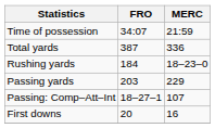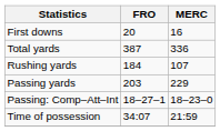 <table class="wikitable" style="float: left;">
 <tr>
 <th>Statistics</th>
 <th>FRO</th>
 <th>MERC</th>
 </tr>
 <tr>
-<td>Time of possession</td>
-<td>34:07</td>
-<td>21:59</td>
+<td>First downs</td>
+<td>20</td>
+<td>16</td>
 </tr>
 <tr>
 <td>Total yards</td>
 <td>387</td>
 <td>336</td>
 </tr>
 <tr>
 <td>Rushing yards</td>
 <td>184</td>
-<td>18–23–0</td>
+<td>107</td>
 </tr>
 <tr>
 <td>Passing yards</td>
 <td>203</td>
 <td>229</td>
 </tr>
 <tr>
 <td>Passing: Comp–Att–Int</td>
 <td>18–27–1</td>
-<td>107</td>
+<td>18–23–0</td>
 </tr>
 <tr>
-<td>First downs</td>
-<td>20</td>
-<td>16</td>
+<td>Time of possession</td>
+<td>34:07</td>
+<td>21:59</td>
 </tr>
 <tr>
 </tr>
 </table>
